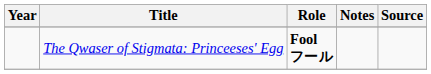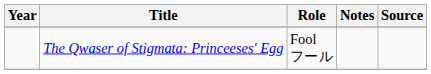 <table class="wikitable sortable plainrowheaders">
 <tr>
 <th>Year</th>
 <th>Title</th>
 <th>Role</th>
 <th class="unsortable">Notes</th>
 <th class="unsortable">Source</th>
 </tr>
 <tr>
 </tr>
 <tr>
 <td></td>
 <td><em><a href='#'>The Qwaser of Stigmata: Princeeses' Egg</a></em></td>
-<td><strong>Fool<br>フール</strong></td>
+<td>Fool<br>フール</td>
 <td></td>
 <td></td>
 </tr>
 <tr>
 </tr>
 </table>
